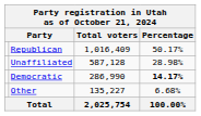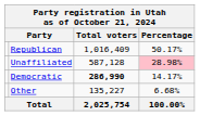 <table class="wikitable floatright">
 <tr>
 <th colspan = 6>Party registration in Utah <br> as of October 21, 2024</th>
 </tr>
 <tr>
 <th colspan = 2>Party</th>
 <th>Total voters</th>
 <th>Percentage</th>
 </tr>
 <tr>
 <td></td>
 <td><a href='#'>Republican</a></td>
 <td align=center>1,016,409</td>
 <td align=center>50.17%</td>
 </tr>
 <tr>
 <td></td>
 <td><a href='#'>Unaffiliated</a></td>
 <td align=center>587,128</td>
-<td align=center>28.98%</td>
+<td align=center style="background: pink;">28.98%</td>
 </tr>
 <tr>
 <td></td>
 <td><a href='#'>Democratic</a></td>
-<td align=center>286,990</td>
-<td align=center><strong>14.17%</strong></td>
+<td align=center><strong>286,990</strong></td>
+<td align=center>14.17%</td>
 </tr>
 <tr>
 <td></td>
 <td><a href='#'>Other</a></td>
 <td align=center>135,227</td>
 <td align=center>6.68%</td>
 </tr>
 <tr>
 <th colspan = 2>Total</th>
 <th align=center>2,025,754</th>
 <th align=center>100.00%</th>
 </tr>
 </table>
